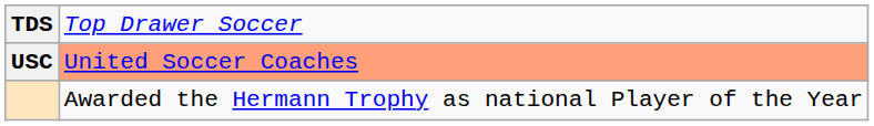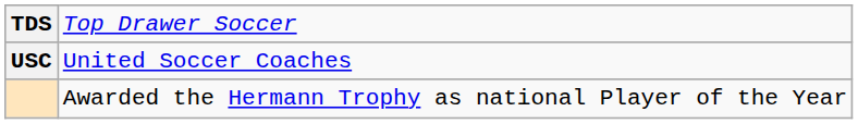 <table class="wikitable">
 <tr>
 <th scope="row" style="text-align:center">TDS</th>
 <td><em><a href='#'>Top Drawer Soccer</a></em></td>
 </tr>
 <tr>
 <th scope="row" style="text-align:center">USC</th>
-<td style="background: lightsalmon;"><a href='#'>United Soccer Coaches</a></td>
+<td><a href='#'>United Soccer Coaches</a></td>
 </tr>
 <tr>
 <th scope="row" style="background:#ffe6bd;"></th>
 <td>Awarded the <a href='#'>Hermann Trophy</a> as national Player of the Year</td>
 </tr>
 </table>
